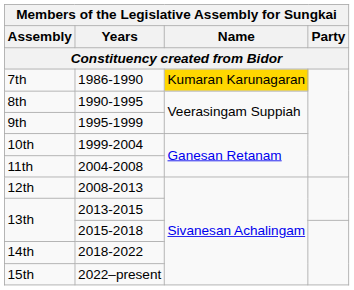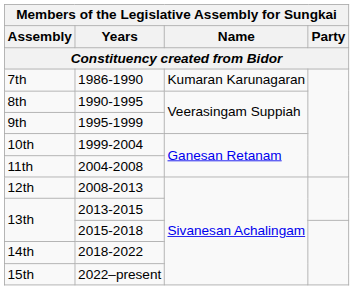 <table class="wikitable">
 <tr>
 <th colspan="4">Members of the Legislative Assembly for Sungkai</th>
 </tr>
 <tr>
 <th>Assembly</th>
 <th>Years</th>
 <th>Name</th>
 <th>Party</th>
 </tr>
 <tr>
 <th colspan="4"><em>Constituency created from Bidor</em></th>
 </tr>
 <tr>
 <td>7th</td>
 <td>1986-1990</td>
-<td style="background: gold;">Kumaran Karunagaran</td>
+<td>Kumaran Karunagaran</td>
 <td rowspan="5"></td>
 </tr>
 <tr>
 <td>8th</td>
 <td>1990-1995</td>
 <td rowspan="2">Veerasingam Suppiah</td>
 </tr>
 <tr>
 <td>9th</td>
 <td>1995-1999</td>
 </tr>
 <tr>
 <td>10th</td>
 <td>1999-2004</td>
 <td rowspan="2"><a href='#'>Ganesan Retanam</a></td>
 </tr>
 <tr>
 <td>11th</td>
 <td>2004-2008</td>
 </tr>
 <tr>
 <td>12th</td>
 <td>2008-2013</td>
 <td rowspan=5><a href='#'>Sivanesan Achalingam</a></td>
 <td rowspan=2></td>
 </tr>
 <tr>
 <td rowspan=2>13th</td>
 <td>2013-2015</td>
 </tr>
 <tr>
 <td>2015-2018</td>
 <td rowspan=3></td>
 </tr>
 <tr>
 <td>14th</td>
 <td>2018-2022</td>
 </tr>
 <tr>
 <td>15th</td>
 <td>2022–present</td>
 </tr>
 </table>
